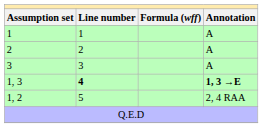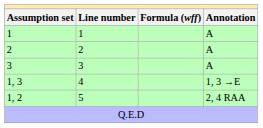 <table class="wikitable">
 <tr>
 <td align="center" bgcolor="#FFEBAD" colspan="4"></td>
 </tr>
 <tr>
 <th>Assumption set</th>
 <th>Line number</th>
 <th>Formula (<em>wff</em>)</th>
 <th>Annotation</th>
 </tr>
 <tr>
 <td bgcolor="#bbffbb">1</td>
 <td bgcolor="#bbffbb">1</td>
 <td bgcolor="#bbffbb"></td>
 <td bgcolor="#bbffbb">A</td>
 </tr>
 <tr>
 <td bgcolor="#bbffbb">2</td>
 <td bgcolor="#bbffbb">2</td>
 <td bgcolor="#bbffbb"></td>
 <td bgcolor="#bbffbb">A</td>
 </tr>
 <tr>
 <td bgcolor="#bbffbb">3</td>
 <td bgcolor="#bbffbb">3</td>
 <td bgcolor="#bbffbb"></td>
 <td bgcolor="#bbffbb">A</td>
 </tr>
 <tr>
 <td bgcolor="#bbffbb">1, 3</td>
-<td bgcolor="#bbffbb"><strong>4</strong></td>
+<td bgcolor="#bbffbb">4</td>
 <td bgcolor="#bbffbb"></td>
-<td bgcolor="#bbffbb"><strong>1, 3 →E</strong></td>
+<td bgcolor="#bbffbb">1, 3 →E</td>
 </tr>
 <tr>
 <td bgcolor="#bbffbb">1, 2</td>
 <td bgcolor="#bbffbb">5</td>
 <td bgcolor="#bbffbb"></td>
 <td bgcolor="#bbffbb">2, 4 RAA</td>
 </tr>
 <tr>
 <td align="center" bgcolor="#BBBBFF" colspan="4">Q.E.D</td>
 </tr>
 <tr>
 </tr>
 </table>
